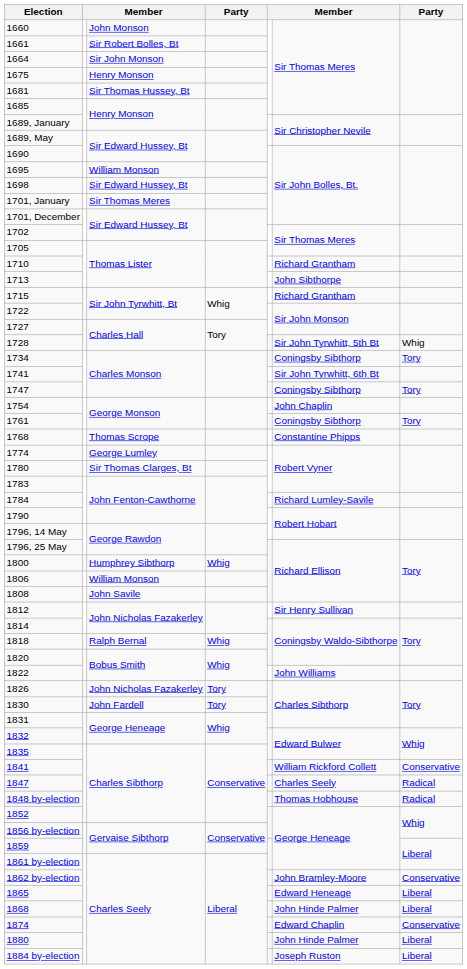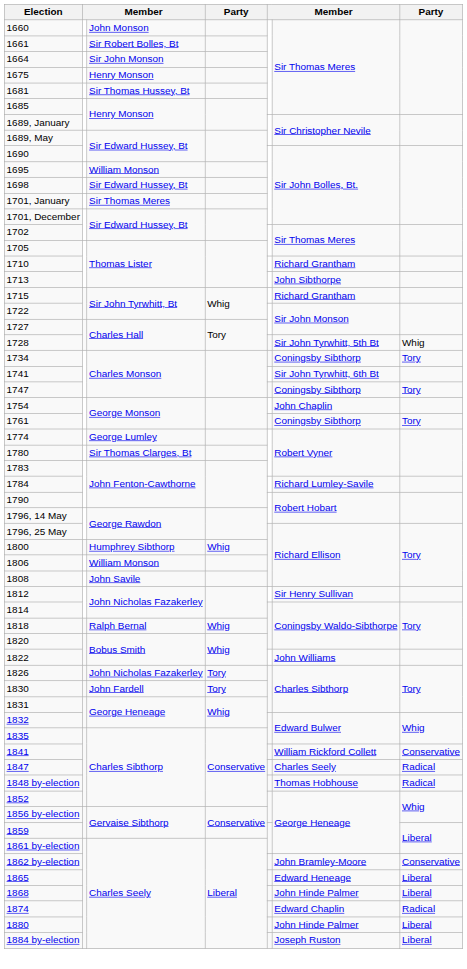 <table class="wikitable">
 <tr>
 <th>Election</th>
 <th colspan="2">Member</th>
 <th>Party</th>
 <th colspan="2">Member</th>
 <th>Party</th>
 </tr>
 <tr>
 <td>1660</td>
 <td style="color:inherit;background-color: white"></td>
 <td><a href='#'>John Monson</a>   </td>
 <td></td>
 <td rowspan="6" style="color:inherit;background-color: white"></td>
 <td rowspan="6"><a href='#'>Sir Thomas Meres</a>	 </td>
 <td rowspan="6"></td>
 </tr>
 <tr>
 <td>1661</td>
 <td style="color:inherit;background-color: white"></td>
 <td><a href='#'>Sir Robert Bolles, Bt</a>   </td>
 <td></td>
 </tr>
 <tr>
 <td>1664</td>
 <td style="color:inherit;background-color: white"></td>
 <td><a href='#'>Sir John Monson</a>  </td>
 <td></td>
 </tr>
 <tr>
 <td>1675</td>
 <td style="color:inherit;background-color: white"></td>
 <td><a href='#'>Henry Monson</a>   </td>
 <td></td>
 </tr>
 <tr>
 <td>1681</td>
 <td style="color:inherit;background-color: white"></td>
 <td><a href='#'>Sir Thomas Hussey, Bt</a>   </td>
 <td></td>
 </tr>
 <tr>
 <td>1685</td>
 <td rowspan="2" style="color:inherit;background-color: white"></td>
 <td rowspan="2"><a href='#'>Henry Monson</a>   </td>
 <td rowspan="2"></td>
 </tr>
 <tr>
 <td>1689, January</td>
 <td rowspan="2" style="color:inherit;background-color: white"></td>
 <td rowspan="2"><a href='#'>Sir Christopher Nevile</a>	 </td>
 <td rowspan="2"></td>
 </tr>
 <tr>
 <td>1689, May</td>
 <td rowspan="2" style="color:inherit;background-color: white"></td>
 <td rowspan="2"><a href='#'>Sir Edward Hussey, Bt</a>	 </td>
 <td rowspan="2"></td>
 </tr>
 <tr>
 <td>1690</td>
 <td rowspan="5" style="color:inherit;background-color: white"></td>
 <td rowspan="5"><a href='#'>Sir John Bolles, Bt.</a>	 </td>
 <td rowspan="5"></td>
 </tr>
 <tr>
 <td>1695</td>
 <td style="color:inherit;background-color: white"></td>
 <td><a href='#'>William Monson</a>   </td>
 <td></td>
 </tr>
 <tr>
 <td>1698</td>
 <td style="color:inherit;background-color: white"></td>
 <td><a href='#'>Sir Edward Hussey, Bt</a>   </td>
 <td></td>
 </tr>
 <tr>
 <td>1701, January</td>
 <td style="color:inherit;background-color: white"></td>
 <td><a href='#'>Sir Thomas Meres</a>   </td>
 <td></td>
 </tr>
 <tr>
 <td>1701, December</td>
 <td rowspan="2" style="color:inherit;background-color: white"></td>
 <td rowspan="2"><a href='#'>Sir Edward Hussey, Bt</a>	 </td>
 <td rowspan="2"></td>
 </tr>
 <tr>
 <td>1702</td>
 <td rowspan="2" style="color:inherit;background-color: white"></td>
 <td rowspan="2"><a href='#'>Sir Thomas Meres</a>	 </td>
 <td rowspan="2"></td>
 </tr>
 <tr>
 <td>1705</td>
 <td rowspan="3" style="color:inherit;background-color: white"></td>
 <td rowspan="3"><a href='#'>Thomas Lister</a>	 </td>
 <td rowspan="3"></td>
 </tr>
 <tr>
 <td>1710</td>
 <td style="color:inherit;background-color: white"></td>
 <td><a href='#'>Richard Grantham</a>   </td>
 <td></td>
 </tr>
 <tr>
 <td>1713</td>
 <td style="color:inherit;background-color: white"></td>
 <td><a href='#'>John Sibthorpe</a>   </td>
 <td></td>
 </tr>
 <tr>
 <td>1715</td>
 <td rowspan="2" style="color:inherit;background-color: "></td>
 <td rowspan="2"><a href='#'>Sir John Tyrwhitt, Bt</a>	 </td>
 <td rowspan="2">Whig</td>
 <td style="color:inherit;background-color: white"></td>
 <td><a href='#'>Richard Grantham</a>   </td>
 <td></td>
 </tr>
 <tr>
 <td>1722</td>
 <td rowspan="2" style="color:inherit;background-color: white"></td>
 <td rowspan="2"><a href='#'>Sir John Monson</a>	 </td>
 <td rowspan="2"></td>
 </tr>
 <tr>
 <td>1727</td>
 <td rowspan="2" style="color:inherit;background-color: "></td>
 <td rowspan="2"><a href='#'>Charles Hall</a>	 </td>
 <td rowspan="2">Tory</td>
 </tr>
 <tr>
 <td>1728</td>
 <td style="color:inherit;background-color: "></td>
 <td><a href='#'>Sir John Tyrwhitt, 5th Bt</a>   </td>
 <td>Whig</td>
 </tr>
 <tr>
 <td>1734</td>
 <td rowspan="3" style="color:inherit;background-color: white"></td>
 <td rowspan="3"><a href='#'>Charles Monson</a>	 </td>
 <td rowspan="3"></td>
 <td style="color:inherit;background-color: "></td>
 <td><a href='#'>Coningsby Sibthorp</a>   </td>
 <td><a href='#'>Tory</a></td>
 </tr>
 <tr>
 <td>1741</td>
 <td style="color:inherit;background-color: white"></td>
 <td><a href='#'>Sir John Tyrwhitt, 6th Bt</a>   </td>
 <td></td>
 </tr>
 <tr>
 <td>1747</td>
 <td style="color:inherit;background-color: "></td>
 <td><a href='#'>Coningsby Sibthorp</a>   </td>
 <td><a href='#'>Tory</a></td>
 </tr>
 <tr>
 <td>1754</td>
 <td rowspan="2" style="color:inherit;background-color: white"></td>
 <td rowspan="2"><a href='#'>George Monson</a>	 </td>
 <td rowspan="2"></td>
 <td style="color:inherit;background-color: white"></td>
 <td><a href='#'>John Chaplin</a>   </td>
 <td></td>
 </tr>
 <tr>
 <td>1761</td>
 <td style="color:inherit;background-color: "></td>
 <td><a href='#'>Coningsby Sibthorp</a>   </td>
 <td><a href='#'>Tory</a></td>
-</tr>
-<tr>
-<td>1768</td>
-<td style="color:inherit;background-color: white"></td>
-<td><a href='#'>Thomas Scrope</a>   </td>
-<td></td>
-<td style="color:inherit;background-color: white"></td>
-<td><a href='#'>Constantine Phipps</a>   </td>
-<td></td>
 </tr>
 <tr>
 <td>1774</td>
 <td style="color:inherit;background-color: white"></td>
 <td><a href='#'>George Lumley</a>   </td>
 <td></td>
 <td rowspan="3" style="color:inherit;background-color: white"></td>
 <td rowspan="3"><a href='#'>Robert Vyner</a>	 </td>
 <td rowspan="3"></td>
 </tr>
 <tr>
 <td>1780</td>
 <td style="color:inherit;background-color: white"></td>
 <td><a href='#'>Sir Thomas Clarges, Bt</a>   </td>
 <td></td>
 </tr>
 <tr>
 <td>1783</td>
 <td rowspan="3" style="color:inherit;background-color: white"></td>
 <td rowspan="3"><a href='#'>John Fenton-Cawthorne</a>   </td>
 <td rowspan="3"></td>
 </tr>
 <tr>
 <td>1784</td>
 <td style="color:inherit;background-color: white"></td>
 <td><a href='#'>Richard Lumley-Savile</a>   </td>
 <td></td>
 </tr>
 <tr>
 <td>1790</td>
 <td rowspan="2" style="color:inherit;background-color: white"></td>
 <td rowspan="2"><a href='#'>Robert Hobart</a>   </td>
 <td rowspan="2"></td>
 </tr>
 <tr>
 <td>1796, 14 May</td>
 <td rowspan="2" style="color:inherit;background-color: white"></td>
 <td rowspan="2"><a href='#'>George Rawdon</a>	 </td>
 <td rowspan="2"></td>
 </tr>
 <tr>
 <td>1796, 25 May</td>
 <td rowspan="4" style="color:inherit;background-color: "></td>
 <td rowspan="4"><a href='#'>Richard Ellison</a>	 </td>
 <td rowspan="4"><a href='#'>Tory</a></td>
 </tr>
 <tr>
 <td>1800</td>
 <td style="color:inherit;background-color: "></td>
 <td><a href='#'>Humphrey Sibthorp</a>   </td>
 <td><a href='#'>Whig</a></td>
 </tr>
 <tr>
 <td>1806</td>
 <td style="color:inherit;background-color: white"></td>
 <td><a href='#'>William Monson</a>   </td>
 <td></td>
 </tr>
 <tr>
 <td>1808</td>
 <td style="color:inherit;background-color: white"></td>
 <td><a href='#'>John Savile</a>   </td>
 <td></td>
 </tr>
 <tr>
 <td 1812>1812</td>
 <td rowspan="2" style="color:inherit;background-color: white"></td>
 <td rowspan="2"><a href='#'>John Nicholas Fazakerley</a>	 </td>
 <td rowspan="2"></td>
 <td style="color:inherit;background-color: white"></td>
 <td><a href='#'>Sir Henry Sullivan</a>   </td>
 <td></td>
 </tr>
 <tr>
 <td>1814</td>
 <td rowspan="3" style="color:inherit;background-color: "></td>
 <td rowspan="3"><a href='#'>Coningsby Waldo-Sibthorpe</a>	 </td>
 <td rowspan="3"><a href='#'>Tory</a></td>
 </tr>
 <tr>
 <td>1818</td>
 <td style="color:inherit;background-color: "></td>
 <td><a href='#'>Ralph Bernal</a>   </td>
 <td><a href='#'>Whig</a></td>
 </tr>
 <tr>
 <td>1820</td>
 <td rowspan="2" style="color:inherit;background-color: "></td>
 <td rowspan="2"><a href='#'>Bobus Smith</a>	 </td>
 <td rowspan="2"><a href='#'>Whig</a></td>
 </tr>
 <tr>
 <td>1822</td>
 <td style="color:inherit;background-color: white"></td>
 <td><a href='#'>John Williams</a>   </td>
 <td></td>
 </tr>
 <tr>
 <td>1826</td>
 <td style="color:inherit;background-color: "></td>
 <td><a href='#'>John Nicholas Fazakerley</a>   </td>
 <td><a href='#'>Tory</a></td>
 <td rowspan="3" style="color:inherit;background-color: "></td>
 <td rowspan="3"><a href='#'>Charles Sibthorp</a>	 </td>
 <td rowspan="3"><a href='#'>Tory</a></td>
 </tr>
 <tr>
 <td>1830</td>
 <td style="color:inherit;background-color: "></td>
 <td><a href='#'>John Fardell</a>   </td>
 <td><a href='#'>Tory</a></td>
 </tr>
 <tr>
 <td>1831</td>
 <td rowspan="2" style="color:inherit;background-color: "></td>
 <td rowspan="2"><a href='#'>George Heneage</a>	 </td>
 <td rowspan="2"><a href='#'>Whig</a></td>
 </tr>
 <tr>
 <td><a href='#'>1832</a></td>
 <td rowspan="2" style="color:inherit;background-color: "></td>
 <td rowspan="2"><a href='#'>Edward Bulwer</a>	 </td>
 <td rowspan="2"><a href='#'>Whig</a></td>
 </tr>
 <tr>
 <td><a href='#'>1835</a></td>
 <td rowspan="5" style="color:inherit;background-color: "></td>
 <td rowspan="5"><a href='#'>Charles Sibthorp</a>	 </td>
 <td rowspan="5"><a href='#'>Conservative</a></td>
 </tr>
 <tr>
 <td><a href='#'>1841</a></td>
 <td style="color:inherit;background-color: "></td>
 <td><a href='#'>William Rickford Collett</a>   </td>
 <td><a href='#'>Conservative</a></td>
 </tr>
 <tr>
 <td><a href='#'>1847</a></td>
 <td style="color:inherit;background-color: "></td>
 <td><a href='#'>Charles Seely</a>   </td>
 <td><a href='#'>Radical</a></td>
 </tr>
 <tr>
 <td><a href='#'>1848 by-election</a></td>
 <td style="color:inherit;background-color: "></td>
 <td><a href='#'>Thomas Hobhouse</a>   </td>
 <td><a href='#'>Radical</a></td>
 </tr>
 <tr>
 <td><a href='#'>1852</a></td>
 <td rowspan="2" style="color:inherit;background-color: "></td>
 <td rowspan="4"><a href='#'>George Heneage</a>	 </td>
 <td rowspan="2"><a href='#'>Whig</a></td>
 </tr>
 <tr>
 <td><a href='#'>1856 by-election</a></td>
 <td rowspan="2" style="color:inherit;background-color: "></td>
 <td rowspan="2"><a href='#'>Gervaise Sibthorp</a>   </td>
 <td rowspan="2"><a href='#'>Conservative</a></td>
 </tr>
 <tr>
 <td><a href='#'>1859</a></td>
 <td rowspan="2" style="color:inherit;background-color: "></td>
 <td rowspan="2"><a href='#'>Liberal</a></td>
 </tr>
 <tr>
 <td><a href='#'>1861 by-election</a></td>
 <td rowspan="7" style="color:inherit;background-color: "></td>
 <td rowspan="7"><a href='#'>Charles Seely</a>	 </td>
 <td rowspan="7"><a href='#'>Liberal</a></td>
 </tr>
 <tr>
 <td><a href='#'>1862 by-election</a></td>
 <td style="color:inherit;background-color: "></td>
 <td><a href='#'>John Bramley-Moore</a>   </td>
 <td><a href='#'>Conservative</a></td>
 </tr>
 <tr>
 <td><a href='#'>1865</a></td>
 <td style="color:inherit;background-color: "></td>
 <td><a href='#'>Edward Heneage</a>   </td>
 <td><a href='#'>Liberal</a></td>
 </tr>
 <tr>
 <td><a href='#'>1868</a></td>
 <td style="color:inherit;background-color: "></td>
 <td><a href='#'>John Hinde Palmer</a>   </td>
 <td><a href='#'>Liberal</a></td>
 </tr>
 <tr>
 <td><a href='#'>1874</a></td>
 <td style="color:inherit;background-color: "></td>
 <td><a href='#'>Edward Chaplin</a>   </td>
-<td><a href='#'>Conservative</a></td>
+<td><a href='#'>Radical</a></td>
 </tr>
 <tr>
 <td><a href='#'>1880</a></td>
 <td style="color:inherit;background-color: "></td>
 <td><a href='#'>John Hinde Palmer</a>   </td>
 <td><a href='#'>Liberal</a></td>
 </tr>
 <tr>
 <td><a href='#'>1884 by-election</a></td>
 <td style="color:inherit;background-color: "></td>
 <td><a href='#'>Joseph Ruston</a>   </td>
 <td><a href='#'>Liberal</a></td>
 </tr>
 </table>
